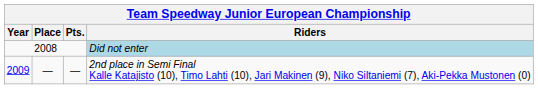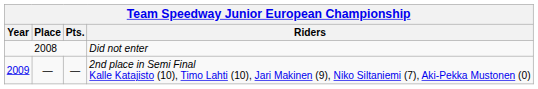 <table class=wikitable style="font-size: 90%;">
 <tr>
 <th colspan=4><big><a href='#'>Team Speedway Junior European Championship</a></big></th>
 </tr>
 <tr>
 <th>Year</th>
 <th>Place</th>
 <th>Pts.</th>
 <th>Riders</th>
 </tr>
 <tr align=center >
 <td colspan=3>2008</td>
-<td align=left style="background: lightblue;"><em>Did not enter</em></td>
+<td align=left><em>Did not enter</em></td>
 </tr>
 <tr align=center >
 <td><a href='#'>2009</a></td>
 <td>—</td>
 <td>—</td>
 <td align=left><em>2nd place in Semi Final</em> <br> <a href='#'>Kalle Katajisto</a> (10), <a href='#'>Timo Lahti</a> (10), <a href='#'>Jari Makinen</a> (9), <a href='#'>Niko Siltaniemi</a> (7), <a href='#'>Aki-Pekka Mustonen</a> (0)</td>
 </tr>
 </table>
